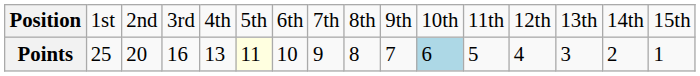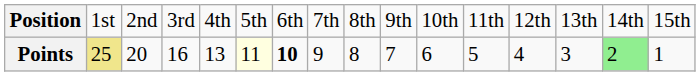 <table class="wikitable" style="font-size: 100%;">
 <tr>
 <th>Position</th>
 <td width="20">1st</td>
 <td width="20">2nd</td>
 <td width="20">3rd</td>
 <td width="20">4th</td>
 <td width="20">5th</td>
 <td width="20">6th</td>
 <td width="20">7th</td>
 <td width="20">8th</td>
 <td width="20">9th</td>
 <td width="20">10th</td>
 <td width="20">11th</td>
 <td width="20">12th</td>
 <td width="20">13th</td>
 <td width="20">14th</td>
 <td width="20">15th</td>
 </tr>
 <tr>
 <th>Points</th>
-<td>25</td>
+<td style="background: khaki;">25</td>
 <td>20</td>
 <td>16</td>
 <td>13</td>
 <td style="background: lightyellow;">11</td>
-<td>10</td>
+<td><strong>10</strong></td>
 <td>9</td>
 <td>8</td>
 <td>7</td>
-<td style="background: lightblue;">6</td>
+<td>6</td>
 <td>5</td>
 <td>4</td>
 <td>3</td>
-<td>2</td>
+<td style="background: lightgreen;">2</td>
 <td>1</td>
 </tr>
 </table>
